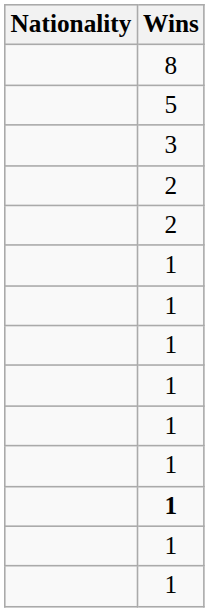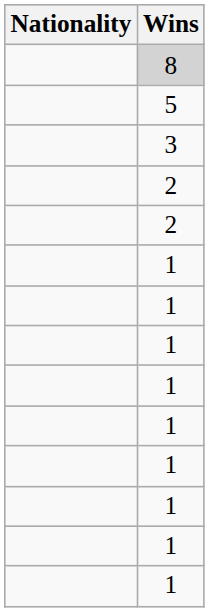 <table class="wikitable sortable">
 <tr>
 <th>Nationality</th>
 <th>Wins</th>
 </tr>
 <tr>
 <td></td>
-<td align="center">8</td>
+<td align="center" style="background: lightgrey;">8</td>
 </tr>
 <tr>
 <td></td>
 <td align="center">5</td>
 </tr>
 <tr>
 <td></td>
 <td align="center">3</td>
 </tr>
 <tr>
 <td></td>
 <td align="center">2</td>
 </tr>
 <tr>
 <td></td>
 <td align="center">2</td>
 </tr>
 <tr>
 <td></td>
 <td align="center">1</td>
 </tr>
 <tr>
 <td></td>
 <td align="center">1</td>
 </tr>
 <tr>
 <td></td>
 <td align="center">1</td>
 </tr>
 <tr>
 <td></td>
 <td align="center">1</td>
 </tr>
 <tr>
 <td></td>
 <td align="center">1</td>
 </tr>
 <tr>
 <td></td>
 <td align="center">1</td>
 </tr>
 <tr>
 <td></td>
-<td align="center"><strong>1</strong></td>
+<td align="center">1</td>
 </tr>
 <tr>
 <td></td>
 <td align="center">1</td>
 </tr>
 <tr>
 <td></td>
 <td align="center">1</td>
 </tr>
 </table>
